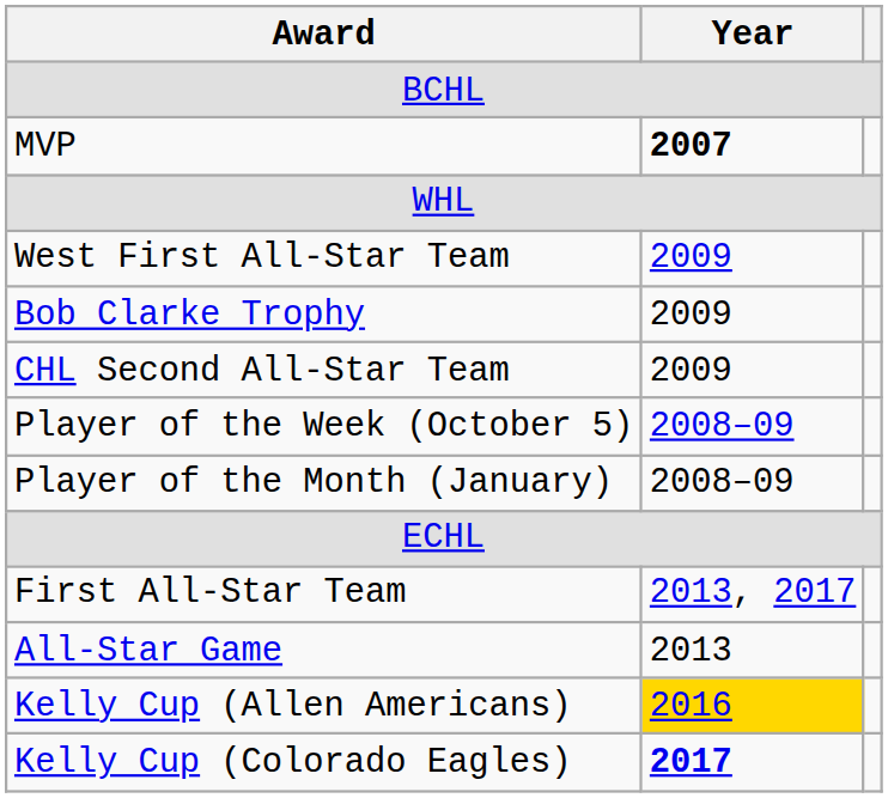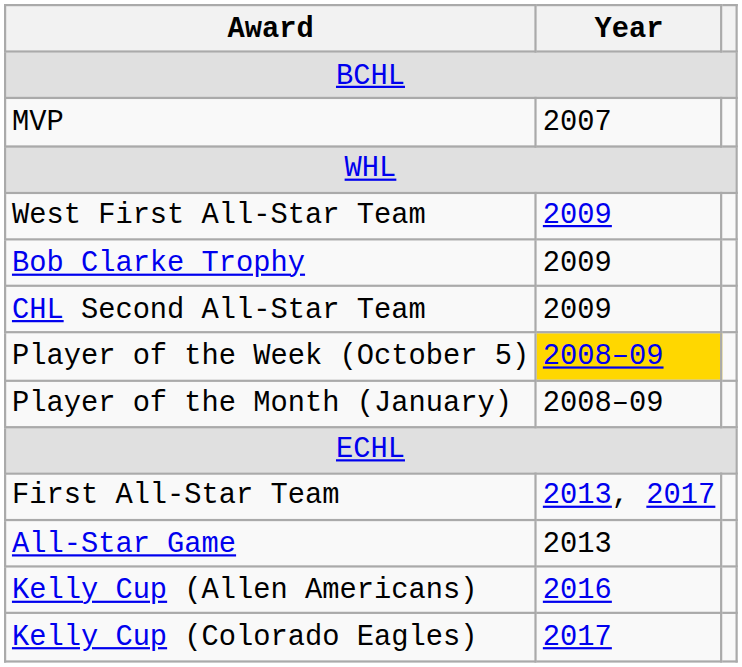 <table class="wikitable">
 <tr>
 <th>Award</th>
 <th>Year</th>
 <th></th>
 </tr>
 <tr ALIGN="center" bgcolor="#e0e0e0">
 <td colspan="3"><a href='#'>BCHL</a></td>
 </tr>
 <tr>
 <td>MVP</td>
-<td><strong>2007</strong></td>
+<td>2007</td>
 <td></td>
 </tr>
 <tr ALIGN="center" bgcolor="#e0e0e0">
 <td colspan="3"><a href='#'>WHL</a></td>
 </tr>
 <tr>
 <td>West First All-Star Team</td>
 <td><a href='#'>2009</a></td>
 <td></td>
 </tr>
 <tr>
 <td><a href='#'>Bob Clarke Trophy</a></td>
 <td>2009</td>
 <td></td>
 </tr>
 <tr>
 <td><a href='#'>CHL</a> Second All-Star Team</td>
 <td>2009</td>
 <td></td>
 </tr>
 <tr>
 <td>Player of the Week (October 5)</td>
-<td><a href='#'>2008–09</a></td>
+<td style="background: gold;"><a href='#'>2008–09</a></td>
 <td></td>
 </tr>
 <tr>
 <td>Player of the Month (January)</td>
 <td>2008–09</td>
 <td></td>
 </tr>
 <tr ALIGN="center" bgcolor="#e0e0e0">
 <td colspan="3"><a href='#'>ECHL</a></td>
 </tr>
 <tr>
 <td>First All-Star Team</td>
 <td><a href='#'>2013</a>, <a href='#'>2017</a></td>
 <td></td>
 </tr>
 <tr>
 <td><a href='#'>All-Star Game</a></td>
 <td>2013</td>
 <td></td>
 </tr>
 <tr>
 <td><a href='#'>Kelly Cup</a> (Allen Americans)</td>
-<td style="background: gold;"><a href='#'>2016</a></td>
+<td><a href='#'>2016</a></td>
 <td></td>
 </tr>
 <tr>
 <td><a href='#'>Kelly Cup</a> (Colorado Eagles)</td>
-<td><strong><a href='#'>2017</a></strong></td>
+<td><a href='#'>2017</a></td>
 <td></td>
 </tr>
 </table>
